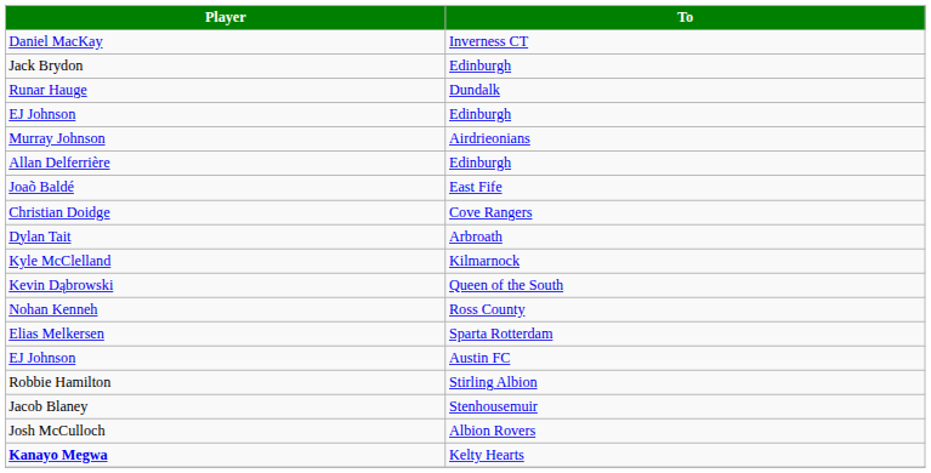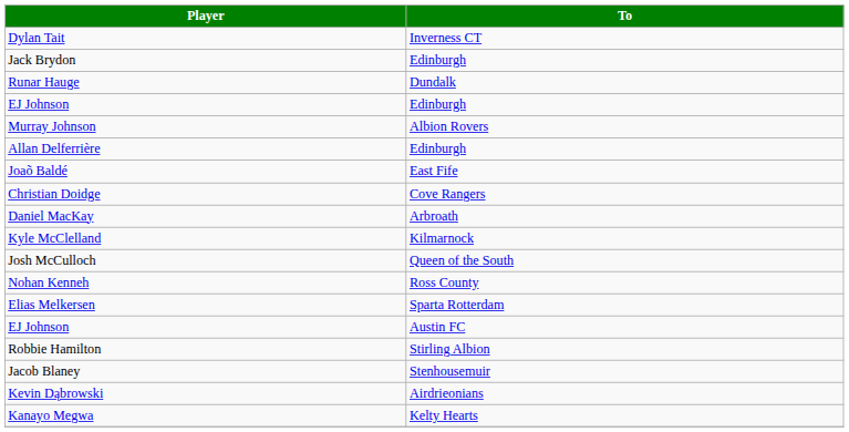 <table class="wikitable" style="text-align:center; font-size:95%;width:75%; text-align:left">
 <tr>
 <th style="background:#008000; color:white;">Player</th>
 <th style="background:#008000; color:white;">To</th>
 </tr>
 <tr>
-<td> <a href='#'>Daniel MacKay</a></td>
+<td> <a href='#'>Dylan Tait</a></td>
 <td> <a href='#'>Inverness CT</a></td>
 </tr>
 <tr>
 <td> Jack Brydon</td>
 <td> <a href='#'>Edinburgh</a></td>
 </tr>
 <tr>
 <td> <a href='#'>Runar Hauge</a></td>
 <td> <a href='#'>Dundalk</a></td>
 </tr>
 <tr>
 <td> <a href='#'>EJ Johnson</a></td>
 <td> <a href='#'>Edinburgh</a></td>
 </tr>
 <tr>
 <td> <a href='#'>Murray Johnson</a></td>
-<td> <a href='#'>Airdrieonians</a></td>
+<td> <a href='#'>Albion Rovers</a></td>
 </tr>
 <tr>
 <td> <a href='#'>Allan Delferrière</a></td>
 <td> <a href='#'>Edinburgh</a></td>
 </tr>
 <tr>
 <td> <a href='#'>Joaõ Baldé</a></td>
 <td> <a href='#'>East Fife</a></td>
 </tr>
 <tr>
 <td> <a href='#'>Christian Doidge</a></td>
 <td> <a href='#'>Cove Rangers</a></td>
 </tr>
 <tr>
-<td> <a href='#'>Dylan Tait</a></td>
+<td> <a href='#'>Daniel MacKay</a></td>
 <td> <a href='#'>Arbroath</a></td>
 </tr>
 <tr>
 <td> <a href='#'>Kyle McClelland</a></td>
 <td> <a href='#'>Kilmarnock</a></td>
 </tr>
 <tr>
-<td> <a href='#'>Kevin Dąbrowski</a></td>
+<td> Josh McCulloch</td>
 <td> <a href='#'>Queen of the South</a></td>
 </tr>
 <tr>
 <td> <a href='#'>Nohan Kenneh</a></td>
 <td> <a href='#'>Ross County</a></td>
 </tr>
 <tr>
 <td> <a href='#'>Elias Melkersen</a></td>
 <td> <a href='#'>Sparta Rotterdam</a></td>
 </tr>
 <tr>
 <td> <a href='#'>EJ Johnson</a></td>
 <td> <a href='#'>Austin FC</a></td>
 </tr>
 <tr>
 <td> Robbie Hamilton</td>
 <td> <a href='#'>Stirling Albion</a></td>
 </tr>
 <tr>
 <td> Jacob Blaney</td>
 <td> <a href='#'>Stenhousemuir</a></td>
 </tr>
 <tr>
-<td> Josh McCulloch</td>
-<td> <a href='#'>Albion Rovers</a></td>
+<td> <a href='#'>Kevin Dąbrowski</a></td>
+<td> <a href='#'>Airdrieonians</a></td>
 </tr>
 <tr>
-<td><strong> <a href='#'>Kanayo Megwa</a></strong></td>
+<td> <a href='#'>Kanayo Megwa</a></td>
 <td> <a href='#'>Kelty Hearts</a></td>
 </tr>
 <tr>
 </tr>
 </table>
